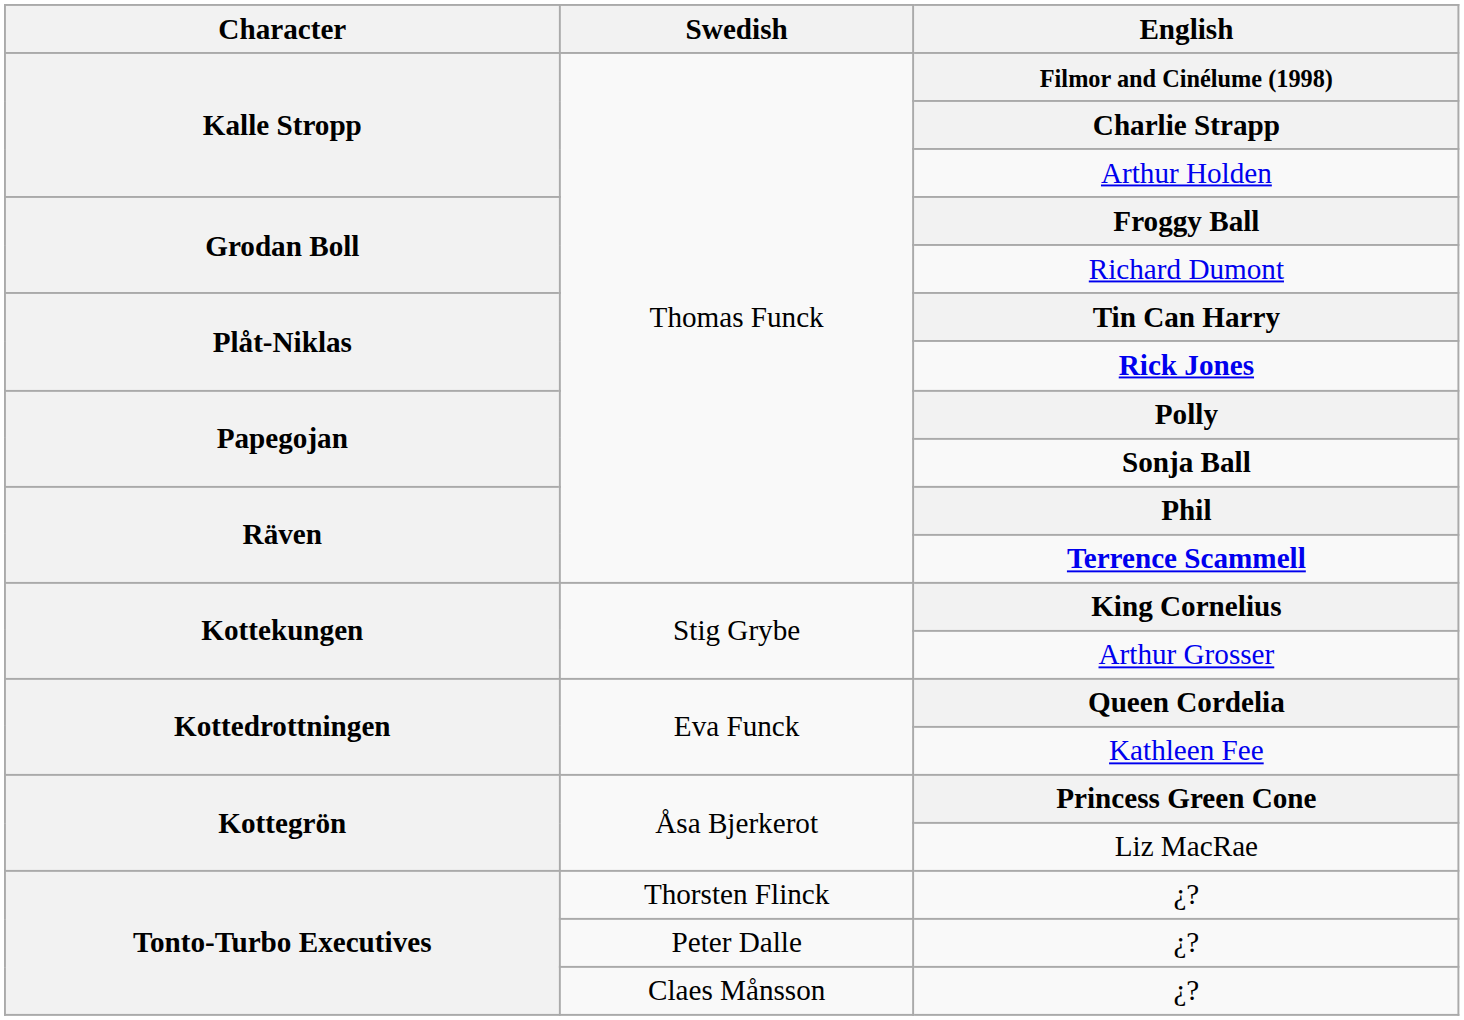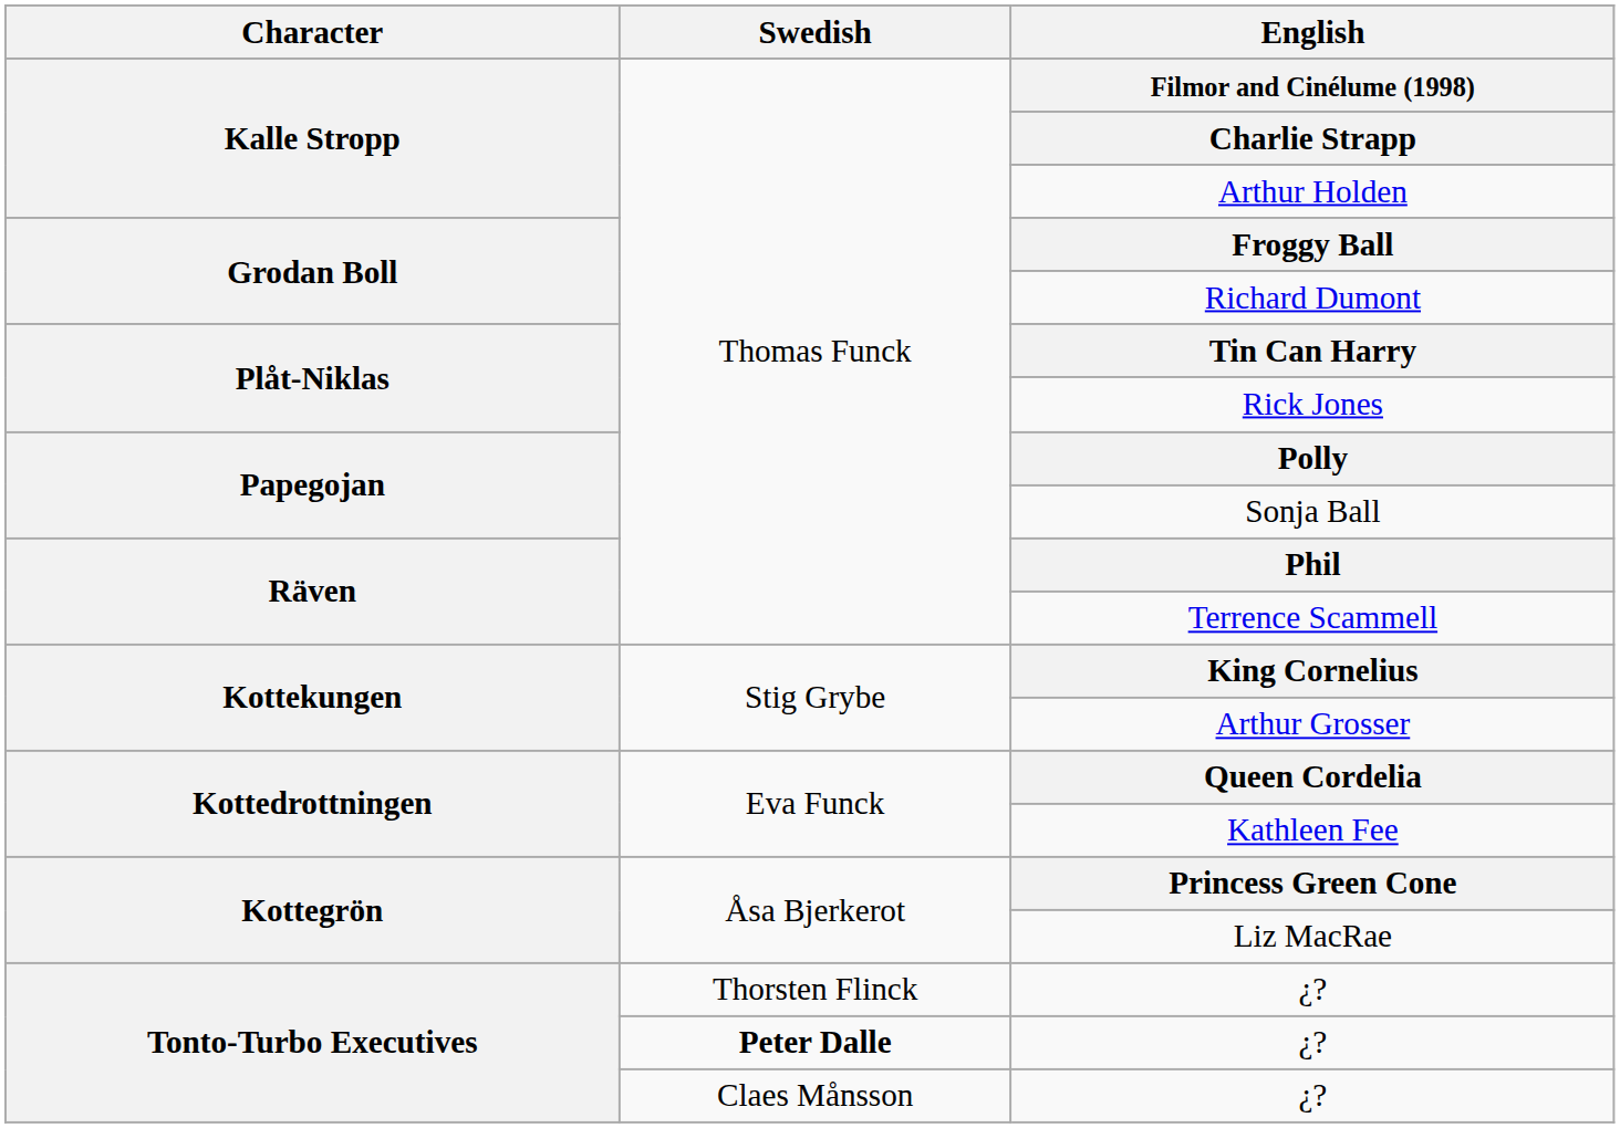 <table class="wikitable" width="60%" style="font-size: 95%; text-align: center;">
 <tr>
 <th>Character</th>
 <th>Swedish</th>
 <th>English</th>
 </tr>
 <tr>
 <th rowspan="3">Kalle Stropp</th>
 <td rowspan="11">Thomas Funck</td>
 <th><small>Filmor and Cinélume (1998)</small></th>
 </tr>
 <tr>
 <th>Charlie Strapp</th>
 </tr>
 <tr>
 <td><a href='#'>Arthur Holden</a></td>
 </tr>
 <tr>
 <th rowspan="2">Grodan Boll</th>
 <th>Froggy Ball</th>
 </tr>
 <tr>
 <td><a href='#'>Richard Dumont</a></td>
 </tr>
 <tr>
 <th rowspan="2">Plåt-Niklas</th>
 <th>Tin Can Harry</th>
 </tr>
 <tr>
-<td><strong><a href='#'>Rick Jones</a></strong></td>
+<td><a href='#'>Rick Jones</a></td>
 </tr>
 <tr>
 <th rowspan="2">Papegojan</th>
 <th>Polly</th>
 </tr>
 <tr>
-<td><strong>Sonja Ball</strong></td>
+<td>Sonja Ball</td>
 </tr>
 <tr>
 <th rowspan="2">Räven</th>
 <th>Phil</th>
 </tr>
 <tr>
-<td><strong><a href='#'>Terrence Scammell</a></strong></td>
+<td><a href='#'>Terrence Scammell</a></td>
 </tr>
 <tr>
 <th rowspan="2">Kottekungen</th>
 <td rowspan="2">Stig Grybe</td>
 <th>King Cornelius</th>
 </tr>
 <tr>
 <td><a href='#'>Arthur Grosser</a></td>
 </tr>
 <tr>
 <th rowspan="2">Kottedrottningen</th>
 <td rowspan="2">Eva Funck</td>
 <th>Queen Cordelia</th>
 </tr>
 <tr>
 <td><a href='#'>Kathleen Fee</a></td>
 </tr>
 <tr>
 <th rowspan="2">Kottegrön</th>
 <td rowspan="2">Åsa Bjerkerot</td>
 <th>Princess Green Cone</th>
 </tr>
 <tr>
 <td>Liz MacRae</td>
 </tr>
 <tr>
 <th rowspan="3">Tonto-Turbo Executives</th>
 <td>Thorsten Flinck</td>
 <td>¿?</td>
 </tr>
 <tr>
-<td>Peter Dalle</td>
+<td><strong>Peter Dalle</strong></td>
 <td>¿?</td>
 </tr>
 <tr>
 <td>Claes Månsson</td>
 <td>¿?</td>
 </tr>
 </table>
